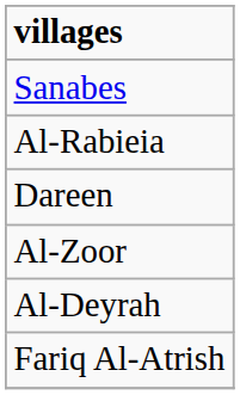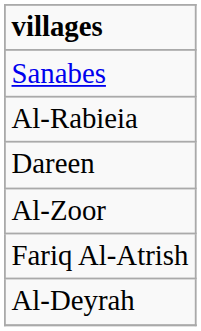 <table class="wikitable">
 <tr>
 <td><strong>villages</strong></td>
 </tr>
 <tr>
 <td><a href='#'>Sanabes</a></td>
 </tr>
 <tr>
 <td>Al-Rabieia</td>
 </tr>
 <tr>
 <td>Dareen</td>
 </tr>
 <tr>
 <td>Al-Zoor</td>
 </tr>
 <tr>
-<td>Al-Deyrah</td>
+<td>Fariq Al-Atrish</td>
 </tr>
 <tr>
-<td>Fariq Al-Atrish</td>
+<td>Al-Deyrah</td>
 </tr>
 <tr>
 </tr>
 </table>
